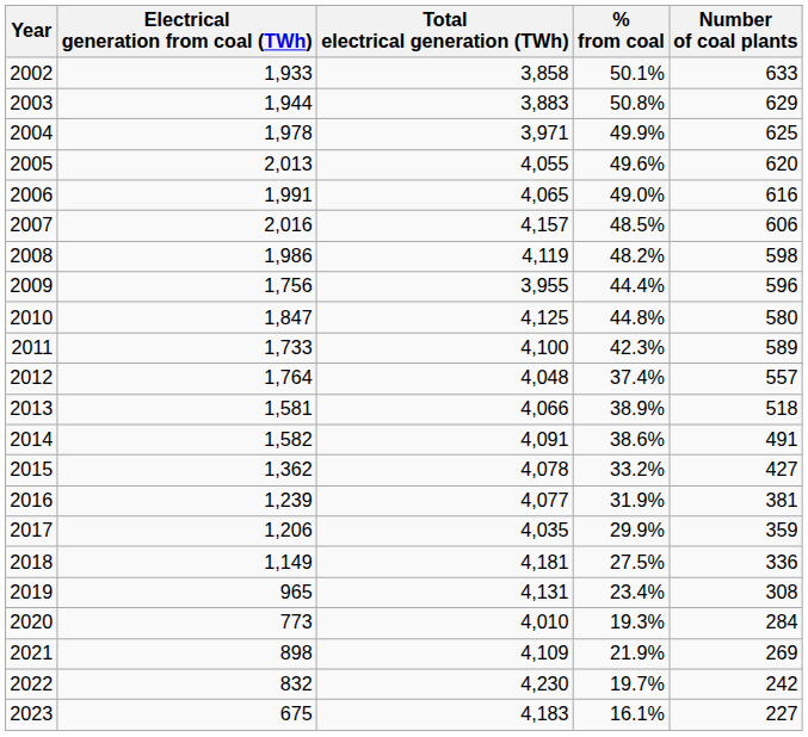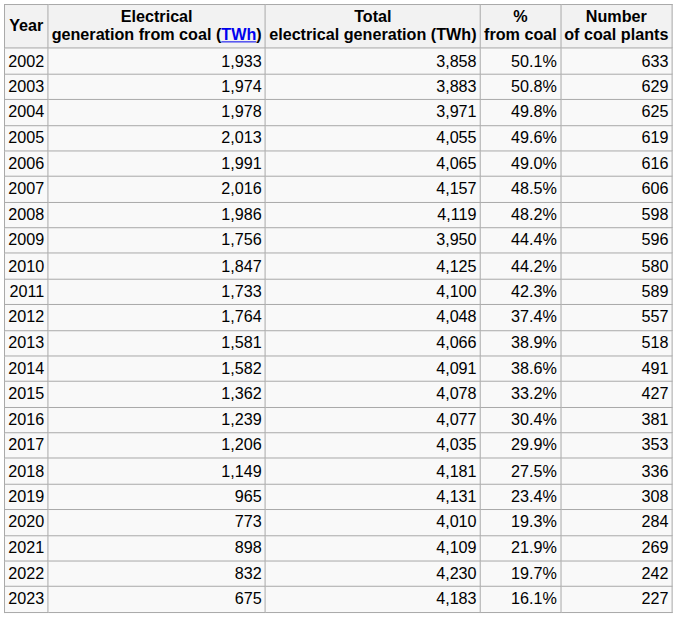 <table class="wikitable floatright" style="text-align: right">
 <tr>
 <th>Year</th>
 <th>Electrical<br>generation from coal (<a href='#'>TWh</a>)</th>
 <th>Total<br>electrical generation (TWh)</th>
 <th>%<br>from coal</th>
 <th>Number<br>of coal plants</th>
 </tr>
 <tr>
 <td>2002</td>
 <td>1,933</td>
 <td>3,858</td>
 <td>50.1%</td>
 <td>633</td>
 </tr>
 <tr>
 <td>2003</td>
-<td>1,944</td>
+<td>1,974</td>
 <td>3,883</td>
 <td>50.8%</td>
 <td>629</td>
 </tr>
 <tr>
 <td>2004</td>
 <td>1,978</td>
 <td>3,971</td>
-<td>49.9%</td>
+<td>49.8%</td>
 <td>625</td>
 </tr>
 <tr>
 <td>2005</td>
 <td>2,013</td>
 <td>4,055</td>
 <td>49.6%</td>
-<td>620</td>
+<td>619</td>
 </tr>
 <tr>
 <td>2006</td>
 <td>1,991</td>
 <td>4,065</td>
 <td>49.0%</td>
 <td>616</td>
 </tr>
 <tr>
 <td>2007</td>
 <td>2,016</td>
 <td>4,157</td>
 <td>48.5%</td>
 <td>606</td>
 </tr>
 <tr>
 <td>2008</td>
 <td>1,986</td>
 <td>4,119</td>
 <td>48.2%</td>
 <td>598</td>
 </tr>
 <tr>
 <td>2009</td>
 <td>1,756</td>
-<td>3,955</td>
+<td>3,950</td>
 <td>44.4%</td>
 <td>596</td>
 </tr>
 <tr>
 <td>2010</td>
 <td>1,847</td>
 <td>4,125</td>
-<td>44.8%</td>
+<td>44.2%</td>
 <td>580</td>
 </tr>
 <tr>
 <td>2011</td>
 <td>1,733</td>
 <td>4,100</td>
 <td>42.3%</td>
 <td>589</td>
 </tr>
 <tr>
 <td>2012</td>
 <td>1,764</td>
 <td>4,048</td>
 <td>37.4%</td>
 <td>557</td>
 </tr>
 <tr>
 <td>2013</td>
 <td>1,581</td>
 <td>4,066</td>
 <td>38.9%</td>
 <td>518</td>
 </tr>
 <tr>
 <td>2014</td>
 <td>1,582</td>
 <td>4,091</td>
 <td>38.6%</td>
 <td>491</td>
 </tr>
 <tr>
 <td>2015</td>
 <td>1,362</td>
 <td>4,078</td>
 <td>33.2%</td>
 <td>427</td>
 </tr>
 <tr>
 <td>2016</td>
 <td>1,239</td>
 <td>4,077</td>
-<td>31.9%</td>
+<td>30.4%</td>
 <td>381</td>
 </tr>
 <tr>
 <td>2017</td>
 <td>1,206</td>
 <td>4,035</td>
 <td>29.9%</td>
-<td>359</td>
+<td>353</td>
 </tr>
 <tr>
 <td>2018</td>
 <td>1,149</td>
 <td>4,181</td>
 <td>27.5%</td>
 <td>336</td>
 </tr>
 <tr>
 <td>2019</td>
 <td>965</td>
 <td>4,131</td>
 <td>23.4%</td>
 <td>308</td>
 </tr>
 <tr>
 <td>2020</td>
 <td>773</td>
 <td>4,010</td>
 <td>19.3%</td>
 <td>284</td>
 </tr>
 <tr>
 <td>2021</td>
 <td>898</td>
 <td>4,109</td>
 <td>21.9%</td>
 <td>269</td>
 </tr>
 <tr>
 <td>2022</td>
 <td>832</td>
 <td>4,230</td>
 <td>19.7%</td>
 <td>242</td>
 </tr>
 <tr>
 <td>2023</td>
 <td>675</td>
 <td>4,183</td>
 <td>16.1%</td>
 <td>227</td>
 </tr>
 </table>
